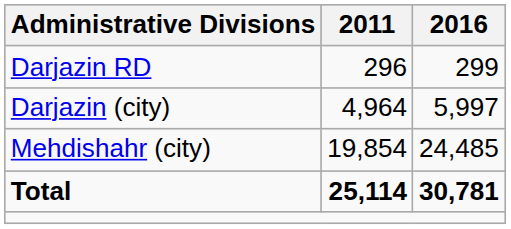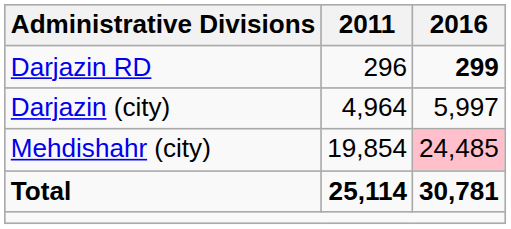 <table class="wikitable">
 <tr>
 <th>Administrative Divisions</th>
 <th>2011</th>
 <th>2016</th>
 </tr>
 <tr>
 <td><a href='#'>Darjazin RD</a></td>
 <td style="text-align: right;">296</td>
-<td style="text-align: right;">299</td>
+<td style="text-align: right;"><strong>299</strong></td>
 </tr>
 <tr>
 <td><a href='#'>Darjazin</a> (city)</td>
 <td style="text-align: right;">4,964</td>
 <td style="text-align: right;">5,997</td>
 </tr>
 <tr>
 <td><a href='#'>Mehdishahr</a> (city)</td>
 <td style="text-align: right;">19,854</td>
-<td style="text-align: right;">24,485</td>
+<td style="background: pink; text-align: right;">24,485</td>
 </tr>
 <tr>
 <td><strong>Total</strong></td>
 <td style="text-align: right;"><strong>25,114</strong></td>
 <td style="text-align: right;"><strong>30,781</strong></td>
 </tr>
 <tr>
 <td colspan=3></td>
 </tr>
 </table>
